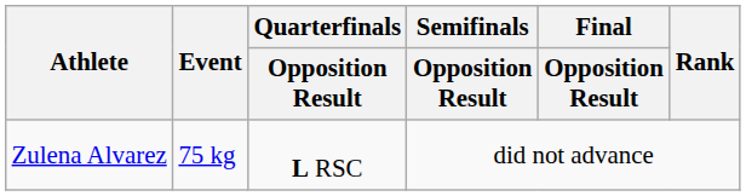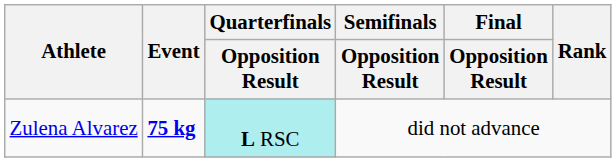 <table class="wikitable" border="1" style="font-size:90%">
 <tr>
 <th rowspan=2>Athlete</th>
 <th rowspan=2>Event</th>
 <th>Quarterfinals</th>
 <th>Semifinals</th>
 <th>Final</th>
 <th rowspan="2">Rank</th>
 </tr>
 <tr>
 <th>Opposition<br>Result</th>
 <th>Opposition<br>Result</th>
 <th>Opposition<br>Result</th>
 </tr>
 <tr align=center>
 <td align=left><a href='#'>Zulena Alvarez</a></td>
-<td align=left><a href='#'>75 kg</a></td>
-<td><br><strong>L</strong> RSC</td>
+<td align=left><strong><a href='#'>75 kg</a></strong></td>
+<td style="background: paleturquoise;"><br><strong>L</strong> RSC</td>
 <td colspan=3>did not advance</td>
 </tr>
 </table>
